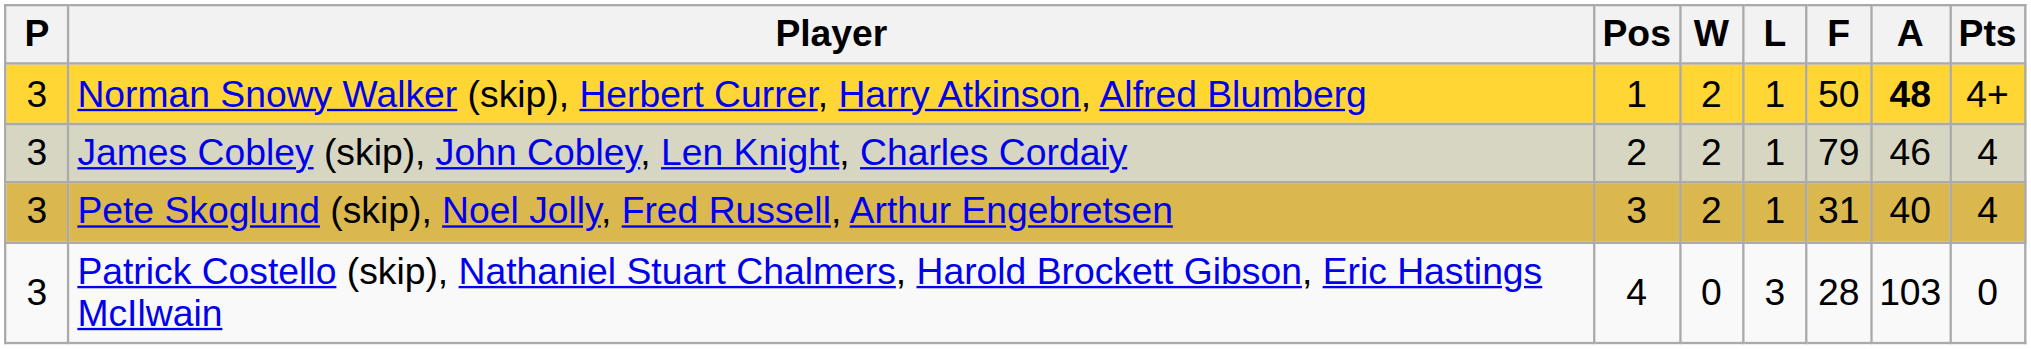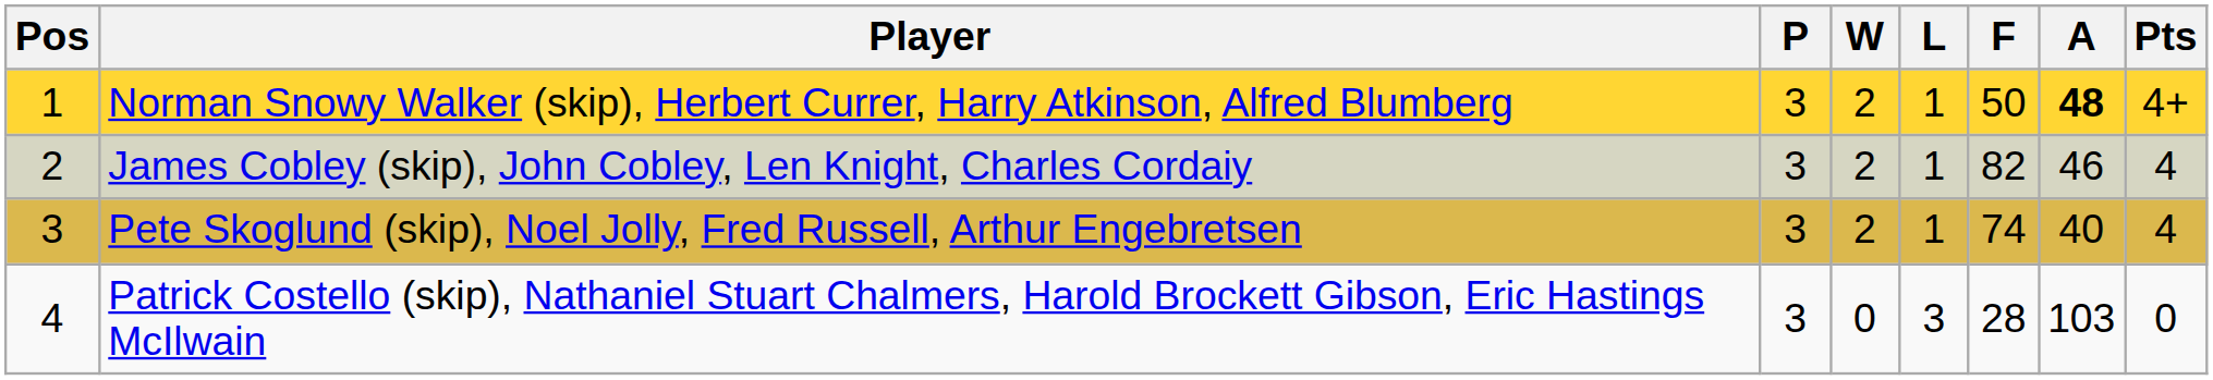 <table class="wikitable" style="font-size: 100%">
 <tr>
+<th width=20>Pos</th>
+<th width=650>Player</th>
 <th width=20>P</th>
-<th width=650>Player</th>
-<th width=20>Pos</th>
 <th width=20>W</th>
 <th width=20>L</th>
 <th width=20>F</th>
 <th width=20>A</th>
 <th width=20>Pts</th>
 </tr>
 <tr align=center style="background: #FFD633;">
+<td>1</td>
+<td align="left"> <a href='#'>Norman Snowy Walker</a> (skip), <a href='#'>Herbert Currer</a>, <a href='#'>Harry Atkinson</a>, <a href='#'>Alfred Blumberg</a></td>
 <td>3</td>
-<td align="left"> <a href='#'>Norman Snowy Walker</a> (skip), <a href='#'>Herbert Currer</a>, <a href='#'>Harry Atkinson</a>, <a href='#'>Alfred Blumberg</a></td>
-<td>1</td>
 <td>2</td>
 <td>1</td>
 <td>50</td>
 <td><strong>48</strong></td>
 <td>4+</td>
 </tr>
 <tr align=center style="background: #D6D6C2;">
+<td>2</td>
+<td align="left"> <a href='#'>James Cobley</a> (skip), <a href='#'>John Cobley</a>, <a href='#'>Len Knight</a>, <a href='#'>Charles Cordaiy</a></td>
 <td>3</td>
-<td align="left"> <a href='#'>James Cobley</a> (skip), <a href='#'>John Cobley</a>, <a href='#'>Len Knight</a>, <a href='#'>Charles Cordaiy</a></td>
-<td>2</td>
 <td>2</td>
 <td>1</td>
-<td>79</td>
+<td>82</td>
 <td>46</td>
 <td>4</td>
 </tr>
 <tr align=center style="background: #DBB84D;">
 <td>3</td>
 <td align="left"> <a href='#'>Pete Skoglund</a> (skip), <a href='#'>Noel Jolly</a>, <a href='#'>Fred Russell</a>, <a href='#'>Arthur Engebretsen</a></td>
 <td>3</td>
 <td>2</td>
 <td>1</td>
-<td>31</td>
+<td>74</td>
 <td>40</td>
 <td>4</td>
 </tr>
 <tr align=center>
+<td>4</td>
+<td align="left"> <a href='#'>Patrick Costello</a> (skip), <a href='#'>Nathaniel Stuart Chalmers</a>, <a href='#'>Harold Brockett Gibson</a>, <a href='#'>Eric Hastings McIlwain</a></td>
 <td>3</td>
-<td align="left"> <a href='#'>Patrick Costello</a> (skip), <a href='#'>Nathaniel Stuart Chalmers</a>, <a href='#'>Harold Brockett Gibson</a>, <a href='#'>Eric Hastings McIlwain</a></td>
-<td>4</td>
 <td>0</td>
 <td>3</td>
 <td>28</td>
 <td>103</td>
 <td>0</td>
 </tr>
 </table>
